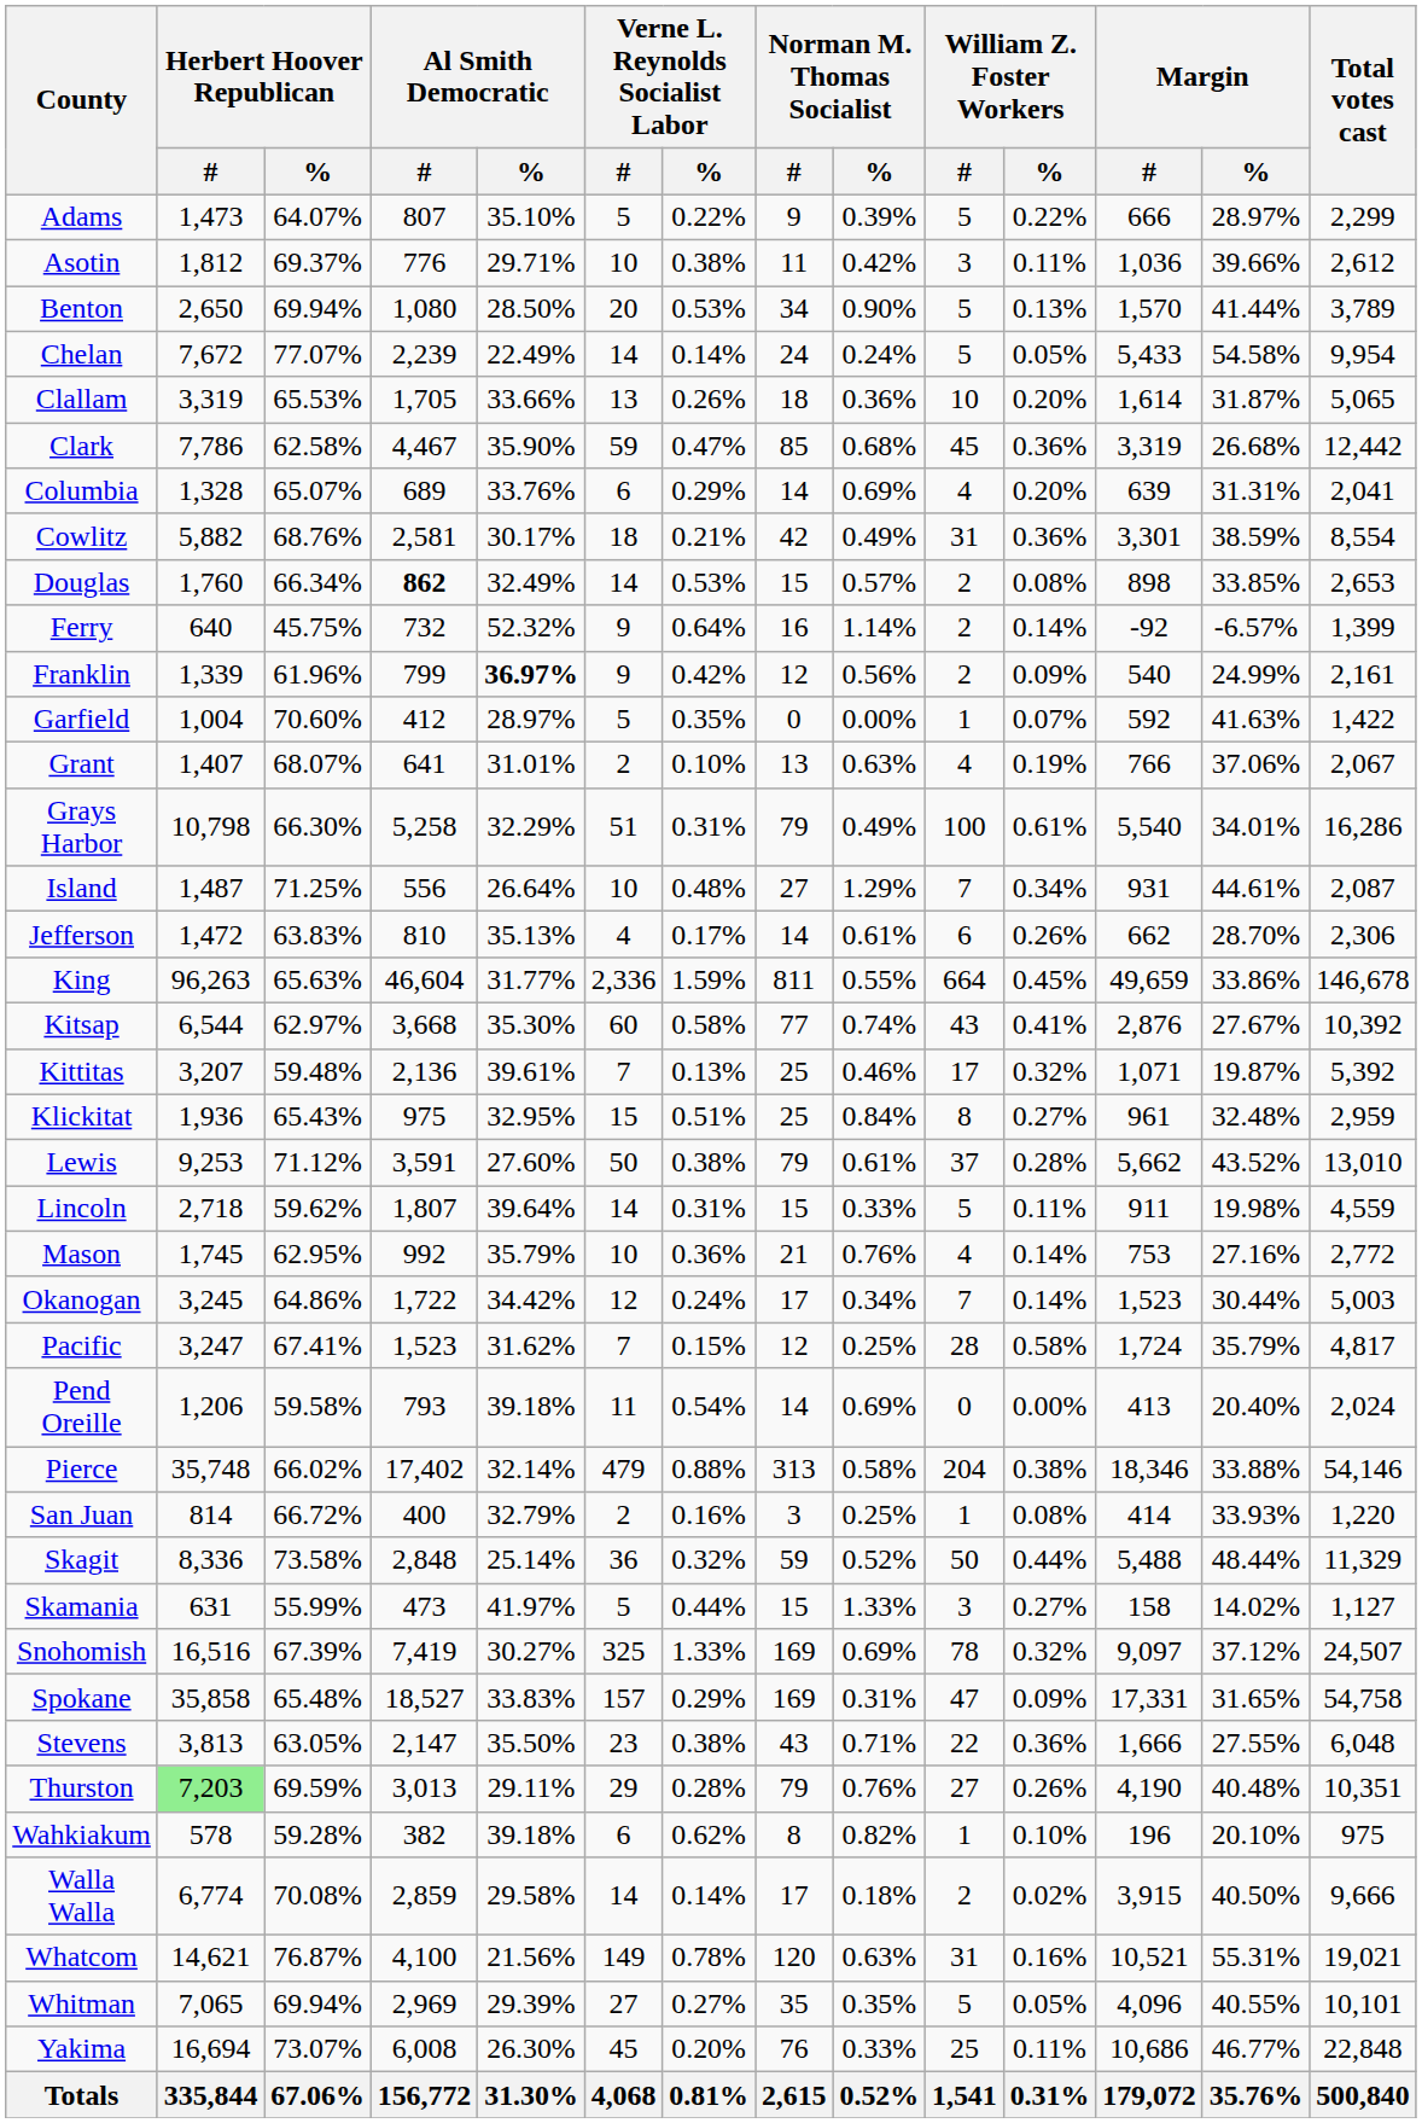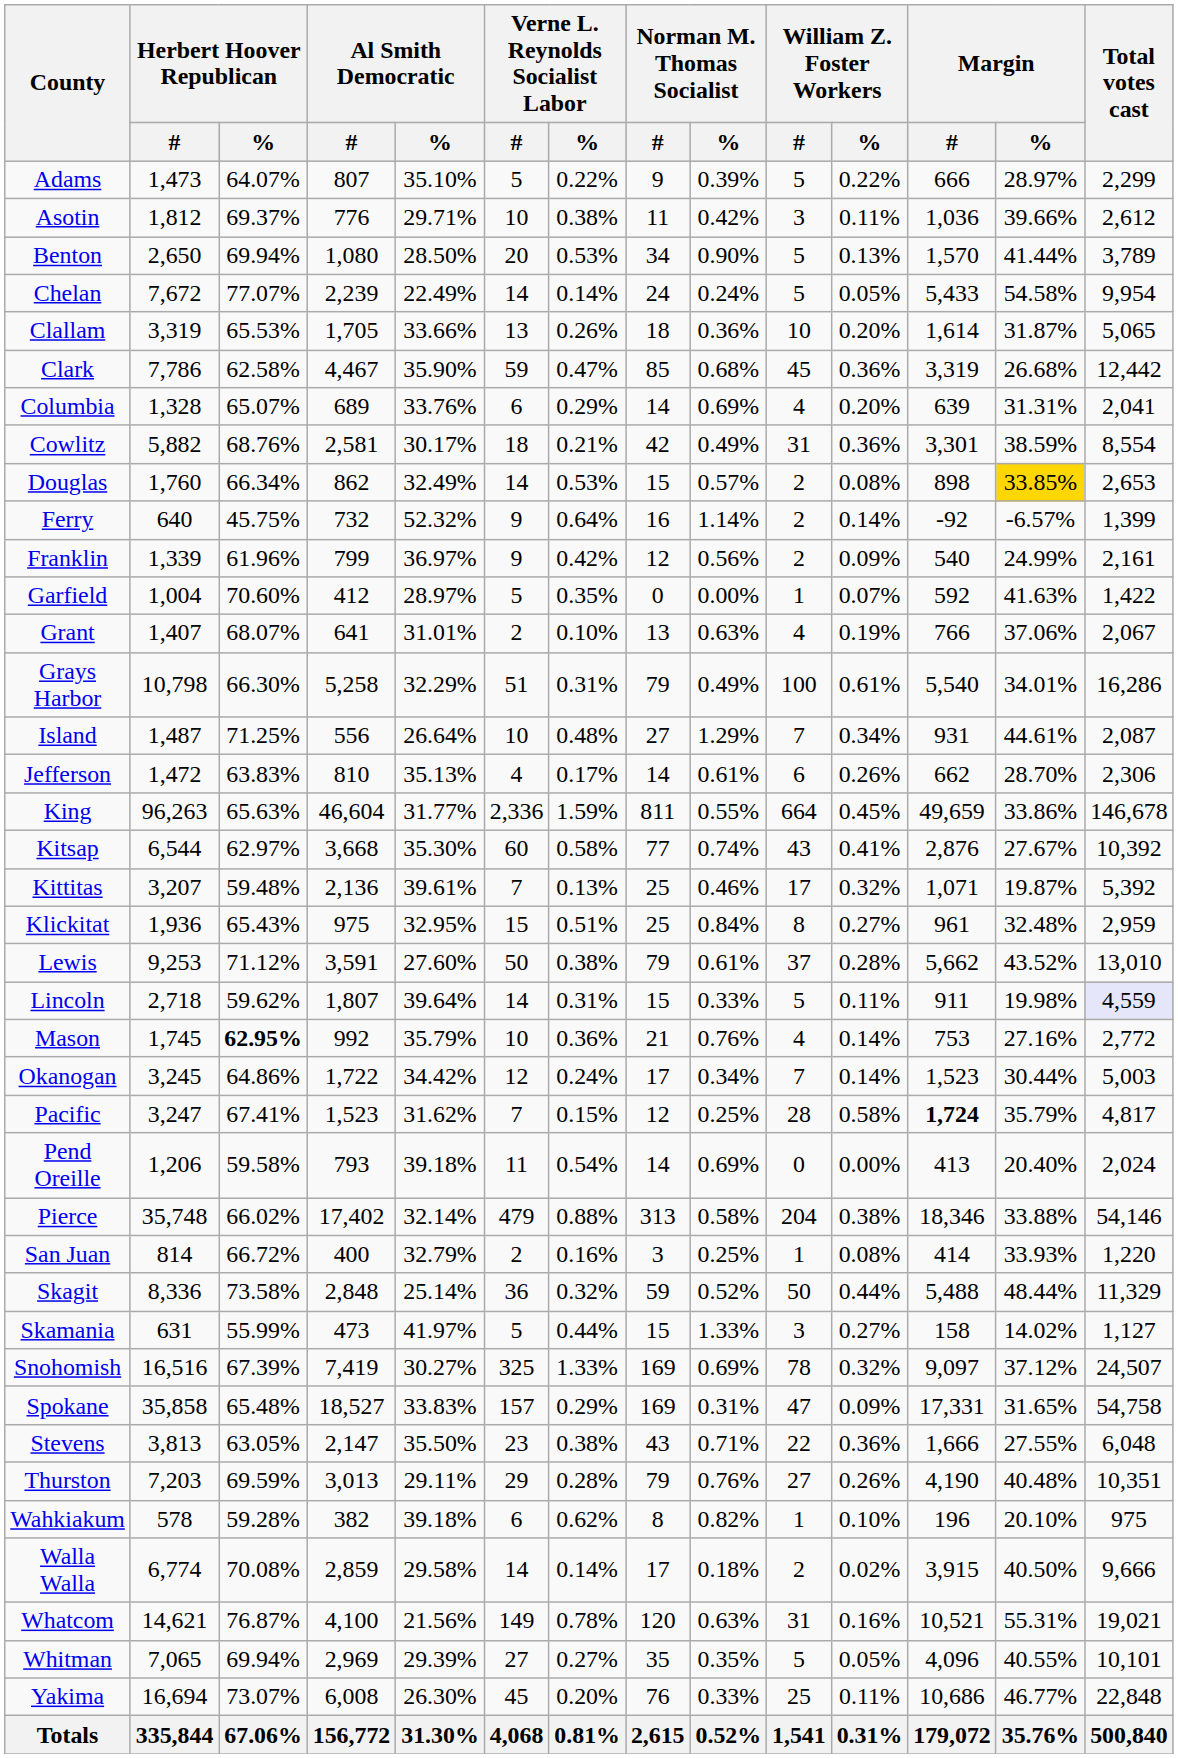 <table width="60%" class="wikitable sortable">
 <tr>
 <th style="text-align:center;" rowspan="2">County</th>
 <th style="text-align:center;" colspan="2">Herbert Hoover<br>Republican</th>
 <th style="text-align:center;" colspan="2">Al Smith<br>Democratic</th>
 <th style="text-align:center;" colspan="2">Verne L. Reynolds<br>Socialist Labor</th>
 <th style="text-align:center;" colspan="2">Norman M. Thomas<br>Socialist</th>
 <th style="text-align:center;" colspan="2">William Z. Foster<br>Workers</th>
 <th style="text-align:center;" colspan="2">Margin</th>
 <th style="text-align:center;" rowspan="2">Total votes cast</th>
 </tr>
 <tr bgcolor="lightgrey">
 <th style="text-align:center;" data-sort-type="number">#</th>
 <th style="text-align:center;" data-sort-type="number">%</th>
 <th style="text-align:center;" data-sort-type="number">#</th>
 <th style="text-align:center;" data-sort-type="number">%</th>
 <th style="text-align:center;" data-sort-type="number">#</th>
 <th style="text-align:center;" data-sort-type="number">%</th>
 <th style="text-align:center;" data-sort-type="number">#</th>
 <th style="text-align:center;" data-sort-type="number">%</th>
 <th style="text-align:center;" data-sort-type="number">#</th>
 <th style="text-align:center;" data-sort-type="number">%</th>
 <th style="text-align:center;" data-sort-type="number">#</th>
 <th style="text-align:center;" data-sort-type="number">%</th>
 </tr>
 <tr style="text-align:center;">
 <td><a href='#'>Adams</a></td>
 <td>1,473</td>
 <td>64.07%</td>
 <td>807</td>
 <td>35.10%</td>
 <td>5</td>
 <td>0.22%</td>
 <td>9</td>
 <td>0.39%</td>
 <td>5</td>
 <td>0.22%</td>
 <td>666</td>
 <td>28.97%</td>
 <td>2,299</td>
 </tr>
 <tr style="text-align:center;">
 <td><a href='#'>Asotin</a></td>
 <td>1,812</td>
 <td>69.37%</td>
 <td>776</td>
 <td>29.71%</td>
 <td>10</td>
 <td>0.38%</td>
 <td>11</td>
 <td>0.42%</td>
 <td>3</td>
 <td>0.11%</td>
 <td>1,036</td>
 <td>39.66%</td>
 <td>2,612</td>
 </tr>
 <tr style="text-align:center;">
 <td><a href='#'>Benton</a></td>
 <td>2,650</td>
 <td>69.94%</td>
 <td>1,080</td>
 <td>28.50%</td>
 <td>20</td>
 <td>0.53%</td>
 <td>34</td>
 <td>0.90%</td>
 <td>5</td>
 <td>0.13%</td>
 <td>1,570</td>
 <td>41.44%</td>
 <td>3,789</td>
 </tr>
 <tr style="text-align:center;">
 <td><a href='#'>Chelan</a></td>
 <td>7,672</td>
 <td>77.07%</td>
 <td>2,239</td>
 <td>22.49%</td>
 <td>14</td>
 <td>0.14%</td>
 <td>24</td>
 <td>0.24%</td>
 <td>5</td>
 <td>0.05%</td>
 <td>5,433</td>
 <td>54.58%</td>
 <td>9,954</td>
 </tr>
 <tr style="text-align:center;">
 <td><a href='#'>Clallam</a></td>
 <td>3,319</td>
 <td>65.53%</td>
 <td>1,705</td>
 <td>33.66%</td>
 <td>13</td>
 <td>0.26%</td>
 <td>18</td>
 <td>0.36%</td>
 <td>10</td>
 <td>0.20%</td>
 <td>1,614</td>
 <td>31.87%</td>
 <td>5,065</td>
 </tr>
 <tr style="text-align:center;">
 <td><a href='#'>Clark</a></td>
 <td>7,786</td>
 <td>62.58%</td>
 <td>4,467</td>
 <td>35.90%</td>
 <td>59</td>
 <td>0.47%</td>
 <td>85</td>
 <td>0.68%</td>
 <td>45</td>
 <td>0.36%</td>
 <td>3,319</td>
 <td>26.68%</td>
 <td>12,442</td>
 </tr>
 <tr style="text-align:center;">
 <td><a href='#'>Columbia</a></td>
 <td>1,328</td>
 <td>65.07%</td>
 <td>689</td>
 <td>33.76%</td>
 <td>6</td>
 <td>0.29%</td>
 <td>14</td>
 <td>0.69%</td>
 <td>4</td>
 <td>0.20%</td>
 <td>639</td>
 <td>31.31%</td>
 <td>2,041</td>
 </tr>
 <tr style="text-align:center;">
 <td><a href='#'>Cowlitz</a></td>
 <td>5,882</td>
 <td>68.76%</td>
 <td>2,581</td>
 <td>30.17%</td>
 <td>18</td>
 <td>0.21%</td>
 <td>42</td>
 <td>0.49%</td>
 <td>31</td>
 <td>0.36%</td>
 <td>3,301</td>
 <td>38.59%</td>
 <td>8,554</td>
 </tr>
 <tr style="text-align:center;">
 <td><a href='#'>Douglas</a></td>
 <td>1,760</td>
 <td>66.34%</td>
-<td><strong>862</strong></td>
+<td>862</td>
 <td>32.49%</td>
 <td>14</td>
 <td>0.53%</td>
 <td>15</td>
 <td>0.57%</td>
 <td>2</td>
 <td>0.08%</td>
 <td>898</td>
-<td>33.85%</td>
+<td style="background: gold;">33.85%</td>
 <td>2,653</td>
 </tr>
 <tr style="text-align:center;">
 <td><a href='#'>Ferry</a></td>
 <td>640</td>
 <td>45.75%</td>
 <td>732</td>
 <td>52.32%</td>
 <td>9</td>
 <td>0.64%</td>
 <td>16</td>
 <td>1.14%</td>
 <td>2</td>
 <td>0.14%</td>
 <td>-92</td>
 <td>-6.57%</td>
 <td>1,399</td>
 </tr>
 <tr style="text-align:center;">
 <td><a href='#'>Franklin</a></td>
 <td>1,339</td>
 <td>61.96%</td>
 <td>799</td>
-<td><strong>36.97%</strong></td>
+<td>36.97%</td>
 <td>9</td>
 <td>0.42%</td>
 <td>12</td>
 <td>0.56%</td>
 <td>2</td>
 <td>0.09%</td>
 <td>540</td>
 <td>24.99%</td>
 <td>2,161</td>
 </tr>
 <tr style="text-align:center;">
 <td><a href='#'>Garfield</a></td>
 <td>1,004</td>
 <td>70.60%</td>
 <td>412</td>
 <td>28.97%</td>
 <td>5</td>
 <td>0.35%</td>
 <td>0</td>
 <td>0.00%</td>
 <td>1</td>
 <td>0.07%</td>
 <td>592</td>
 <td>41.63%</td>
 <td>1,422</td>
 </tr>
 <tr style="text-align:center;">
 <td><a href='#'>Grant</a></td>
 <td>1,407</td>
 <td>68.07%</td>
 <td>641</td>
 <td>31.01%</td>
 <td>2</td>
 <td>0.10%</td>
 <td>13</td>
 <td>0.63%</td>
 <td>4</td>
 <td>0.19%</td>
 <td>766</td>
 <td>37.06%</td>
 <td>2,067</td>
 </tr>
 <tr style="text-align:center;">
 <td><a href='#'>Grays Harbor</a></td>
 <td>10,798</td>
 <td>66.30%</td>
 <td>5,258</td>
 <td>32.29%</td>
 <td>51</td>
 <td>0.31%</td>
 <td>79</td>
 <td>0.49%</td>
 <td>100</td>
 <td>0.61%</td>
 <td>5,540</td>
 <td>34.01%</td>
 <td>16,286</td>
 </tr>
 <tr style="text-align:center;">
 <td><a href='#'>Island</a></td>
 <td>1,487</td>
 <td>71.25%</td>
 <td>556</td>
 <td>26.64%</td>
 <td>10</td>
 <td>0.48%</td>
 <td>27</td>
 <td>1.29%</td>
 <td>7</td>
 <td>0.34%</td>
 <td>931</td>
 <td>44.61%</td>
 <td>2,087</td>
 </tr>
 <tr style="text-align:center;">
 <td><a href='#'>Jefferson</a></td>
 <td>1,472</td>
 <td>63.83%</td>
 <td>810</td>
 <td>35.13%</td>
 <td>4</td>
 <td>0.17%</td>
 <td>14</td>
 <td>0.61%</td>
 <td>6</td>
 <td>0.26%</td>
 <td>662</td>
 <td>28.70%</td>
 <td>2,306</td>
 </tr>
 <tr style="text-align:center;">
 <td><a href='#'>King</a></td>
 <td>96,263</td>
 <td>65.63%</td>
 <td>46,604</td>
 <td>31.77%</td>
 <td>2,336</td>
 <td>1.59%</td>
 <td>811</td>
 <td>0.55%</td>
 <td>664</td>
 <td>0.45%</td>
 <td>49,659</td>
 <td>33.86%</td>
 <td>146,678</td>
 </tr>
 <tr style="text-align:center;">
 <td><a href='#'>Kitsap</a></td>
 <td>6,544</td>
 <td>62.97%</td>
 <td>3,668</td>
 <td>35.30%</td>
 <td>60</td>
 <td>0.58%</td>
 <td>77</td>
 <td>0.74%</td>
 <td>43</td>
 <td>0.41%</td>
 <td>2,876</td>
 <td>27.67%</td>
 <td>10,392</td>
 </tr>
 <tr style="text-align:center;">
 <td><a href='#'>Kittitas</a></td>
 <td>3,207</td>
 <td>59.48%</td>
 <td>2,136</td>
 <td>39.61%</td>
 <td>7</td>
 <td>0.13%</td>
 <td>25</td>
 <td>0.46%</td>
 <td>17</td>
 <td>0.32%</td>
 <td>1,071</td>
 <td>19.87%</td>
 <td>5,392</td>
 </tr>
 <tr style="text-align:center;">
 <td><a href='#'>Klickitat</a></td>
 <td>1,936</td>
 <td>65.43%</td>
 <td>975</td>
 <td>32.95%</td>
 <td>15</td>
 <td>0.51%</td>
 <td>25</td>
 <td>0.84%</td>
 <td>8</td>
 <td>0.27%</td>
 <td>961</td>
 <td>32.48%</td>
 <td>2,959</td>
 </tr>
 <tr style="text-align:center;">
 <td><a href='#'>Lewis</a></td>
 <td>9,253</td>
 <td>71.12%</td>
 <td>3,591</td>
 <td>27.60%</td>
 <td>50</td>
 <td>0.38%</td>
 <td>79</td>
 <td>0.61%</td>
 <td>37</td>
 <td>0.28%</td>
 <td>5,662</td>
 <td>43.52%</td>
 <td>13,010</td>
 </tr>
 <tr style="text-align:center;">
 <td><a href='#'>Lincoln</a></td>
 <td>2,718</td>
 <td>59.62%</td>
 <td>1,807</td>
 <td>39.64%</td>
 <td>14</td>
 <td>0.31%</td>
 <td>15</td>
 <td>0.33%</td>
 <td>5</td>
 <td>0.11%</td>
 <td>911</td>
 <td>19.98%</td>
-<td>4,559</td>
+<td style="background: lavender;">4,559</td>
 </tr>
 <tr style="text-align:center;">
 <td><a href='#'>Mason</a></td>
 <td>1,745</td>
-<td>62.95%</td>
+<td><strong>62.95%</strong></td>
 <td>992</td>
 <td>35.79%</td>
 <td>10</td>
 <td>0.36%</td>
 <td>21</td>
 <td>0.76%</td>
 <td>4</td>
 <td>0.14%</td>
 <td>753</td>
 <td>27.16%</td>
 <td>2,772</td>
 </tr>
 <tr style="text-align:center;">
 <td><a href='#'>Okanogan</a></td>
 <td>3,245</td>
 <td>64.86%</td>
 <td>1,722</td>
 <td>34.42%</td>
 <td>12</td>
 <td>0.24%</td>
 <td>17</td>
 <td>0.34%</td>
 <td>7</td>
 <td>0.14%</td>
 <td>1,523</td>
 <td>30.44%</td>
 <td>5,003</td>
 </tr>
 <tr style="text-align:center;">
 <td><a href='#'>Pacific</a></td>
 <td>3,247</td>
 <td>67.41%</td>
 <td>1,523</td>
 <td>31.62%</td>
 <td>7</td>
 <td>0.15%</td>
 <td>12</td>
 <td>0.25%</td>
 <td>28</td>
 <td>0.58%</td>
-<td>1,724</td>
+<td><strong>1,724</strong></td>
 <td>35.79%</td>
 <td>4,817</td>
 </tr>
 <tr style="text-align:center;">
 <td><a href='#'>Pend Oreille</a></td>
 <td>1,206</td>
 <td>59.58%</td>
 <td>793</td>
 <td>39.18%</td>
 <td>11</td>
 <td>0.54%</td>
 <td>14</td>
 <td>0.69%</td>
 <td>0</td>
 <td>0.00%</td>
 <td>413</td>
 <td>20.40%</td>
 <td>2,024</td>
 </tr>
 <tr style="text-align:center;">
 <td><a href='#'>Pierce</a></td>
 <td>35,748</td>
 <td>66.02%</td>
 <td>17,402</td>
 <td>32.14%</td>
 <td>479</td>
 <td>0.88%</td>
 <td>313</td>
 <td>0.58%</td>
 <td>204</td>
 <td>0.38%</td>
 <td>18,346</td>
 <td>33.88%</td>
 <td>54,146</td>
 </tr>
 <tr style="text-align:center;">
 <td><a href='#'>San Juan</a></td>
 <td>814</td>
 <td>66.72%</td>
 <td>400</td>
 <td>32.79%</td>
 <td>2</td>
 <td>0.16%</td>
 <td>3</td>
 <td>0.25%</td>
 <td>1</td>
 <td>0.08%</td>
 <td>414</td>
 <td>33.93%</td>
 <td>1,220</td>
 </tr>
 <tr style="text-align:center;">
 <td><a href='#'>Skagit</a></td>
 <td>8,336</td>
 <td>73.58%</td>
 <td>2,848</td>
 <td>25.14%</td>
 <td>36</td>
 <td>0.32%</td>
 <td>59</td>
 <td>0.52%</td>
 <td>50</td>
 <td>0.44%</td>
 <td>5,488</td>
 <td>48.44%</td>
 <td>11,329</td>
 </tr>
 <tr style="text-align:center;">
 <td><a href='#'>Skamania</a></td>
 <td>631</td>
 <td>55.99%</td>
 <td>473</td>
 <td>41.97%</td>
 <td>5</td>
 <td>0.44%</td>
 <td>15</td>
 <td>1.33%</td>
 <td>3</td>
 <td>0.27%</td>
 <td>158</td>
 <td>14.02%</td>
 <td>1,127</td>
 </tr>
 <tr style="text-align:center;">
 <td><a href='#'>Snohomish</a></td>
 <td>16,516</td>
 <td>67.39%</td>
 <td>7,419</td>
 <td>30.27%</td>
 <td>325</td>
 <td>1.33%</td>
 <td>169</td>
 <td>0.69%</td>
 <td>78</td>
 <td>0.32%</td>
 <td>9,097</td>
 <td>37.12%</td>
 <td>24,507</td>
 </tr>
 <tr style="text-align:center;">
 <td><a href='#'>Spokane</a></td>
 <td>35,858</td>
 <td>65.48%</td>
 <td>18,527</td>
 <td>33.83%</td>
 <td>157</td>
 <td>0.29%</td>
 <td>169</td>
 <td>0.31%</td>
 <td>47</td>
 <td>0.09%</td>
 <td>17,331</td>
 <td>31.65%</td>
 <td>54,758</td>
 </tr>
 <tr style="text-align:center;">
 <td><a href='#'>Stevens</a></td>
 <td>3,813</td>
 <td>63.05%</td>
 <td>2,147</td>
 <td>35.50%</td>
 <td>23</td>
 <td>0.38%</td>
 <td>43</td>
 <td>0.71%</td>
 <td>22</td>
 <td>0.36%</td>
 <td>1,666</td>
 <td>27.55%</td>
 <td>6,048</td>
 </tr>
 <tr style="text-align:center;">
 <td><a href='#'>Thurston</a></td>
-<td style="background: lightgreen;">7,203</td>
+<td>7,203</td>
 <td>69.59%</td>
 <td>3,013</td>
 <td>29.11%</td>
 <td>29</td>
 <td>0.28%</td>
 <td>79</td>
 <td>0.76%</td>
 <td>27</td>
 <td>0.26%</td>
 <td>4,190</td>
 <td>40.48%</td>
 <td>10,351</td>
 </tr>
 <tr style="text-align:center;">
 <td><a href='#'>Wahkiakum</a></td>
 <td>578</td>
 <td>59.28%</td>
 <td>382</td>
 <td>39.18%</td>
 <td>6</td>
 <td>0.62%</td>
 <td>8</td>
 <td>0.82%</td>
 <td>1</td>
 <td>0.10%</td>
 <td>196</td>
 <td>20.10%</td>
 <td>975</td>
 </tr>
 <tr style="text-align:center;">
 <td><a href='#'>Walla Walla</a></td>
 <td>6,774</td>
 <td>70.08%</td>
 <td>2,859</td>
 <td>29.58%</td>
 <td>14</td>
 <td>0.14%</td>
 <td>17</td>
 <td>0.18%</td>
 <td>2</td>
 <td>0.02%</td>
 <td>3,915</td>
 <td>40.50%</td>
 <td>9,666</td>
 </tr>
 <tr style="text-align:center;">
 <td><a href='#'>Whatcom</a></td>
 <td>14,621</td>
 <td>76.87%</td>
 <td>4,100</td>
 <td>21.56%</td>
 <td>149</td>
 <td>0.78%</td>
 <td>120</td>
 <td>0.63%</td>
 <td>31</td>
 <td>0.16%</td>
 <td>10,521</td>
 <td>55.31%</td>
 <td>19,021</td>
 </tr>
 <tr style="text-align:center;">
 <td><a href='#'>Whitman</a></td>
 <td>7,065</td>
 <td>69.94%</td>
 <td>2,969</td>
 <td>29.39%</td>
 <td>27</td>
 <td>0.27%</td>
 <td>35</td>
 <td>0.35%</td>
 <td>5</td>
 <td>0.05%</td>
 <td>4,096</td>
 <td>40.55%</td>
 <td>10,101</td>
 </tr>
 <tr style="text-align:center;">
 <td><a href='#'>Yakima</a></td>
 <td>16,694</td>
 <td>73.07%</td>
 <td>6,008</td>
 <td>26.30%</td>
 <td>45</td>
 <td>0.20%</td>
 <td>76</td>
 <td>0.33%</td>
 <td>25</td>
 <td>0.11%</td>
 <td>10,686</td>
 <td>46.77%</td>
 <td>22,848</td>
 </tr>
 <tr style="text-align:center;">
 <th>Totals</th>
 <th>335,844</th>
 <th>67.06%</th>
 <th>156,772</th>
 <th>31.30%</th>
 <th>4,068</th>
 <th>0.81%</th>
 <th>2,615</th>
 <th>0.52%</th>
 <th>1,541</th>
 <th>0.31%</th>
 <th>179,072</th>
 <th>35.76%</th>
 <th>500,840</th>
 </tr>
 </table>
